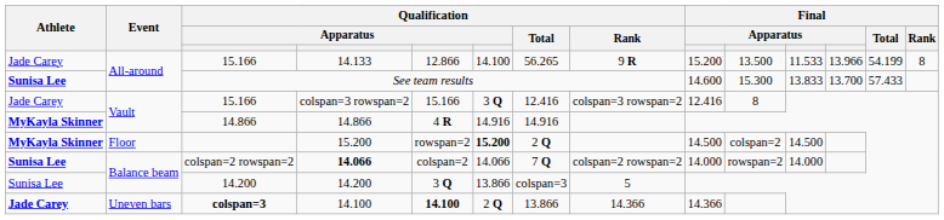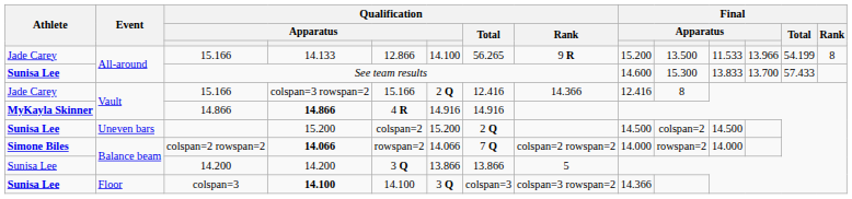 <table class=wikitable style=font-size:90%;text-align:center>
 <tr>
 <th rowspan=3>Athlete</th>
 <th rowspan=3>Event</th>
 <th colspan=6>Qualification</th>
 <th colspan=6>Final</th>
 </tr>
 <tr style=font-size:95%>
 <th colspan=4>Apparatus</th>
 <th rowspan=2>Total</th>
 <th rowspan=2>Rank</th>
 <th colspan=4>Apparatus</th>
 <th rowspan=2>Total</th>
 <th rowspan=2>Rank</th>
 </tr>
 <tr style=font-size:95%>
 <th></th>
 <th></th>
 <th></th>
 <th></th>
 <th></th>
 <th></th>
 <th></th>
 <th></th>
 </tr>
 <tr>
 <td align=left><a href='#'>Jade Carey</a></td>
 <td rowspan=2 align=left><a href='#'>All-around</a></td>
 <td>15.166</td>
 <td>14.133</td>
 <td>12.866</td>
 <td>14.100</td>
 <td>56.265</td>
 <td>9 <strong>R</strong></td>
 <td>15.200</td>
 <td>13.500</td>
 <td>11.533</td>
 <td>13.966</td>
 <td>54.199</td>
 <td>8</td>
 </tr>
 <tr>
 <td align=left><strong><a href='#'>Sunisa Lee</a></strong></td>
 <td colspan=6><em>See team results</em></td>
 <td>14.600</td>
 <td>15.300</td>
 <td>13.833</td>
 <td>13.700</td>
 <td>57.433</td>
 <td></td>
 </tr>
 <tr>
 <td align=left><a href='#'>Jade Carey</a></td>
 <td align=left rowspan=2><a href='#'>Vault</a></td>
 <td>15.166</td>
 <td>colspan=3 rowspan=2 </td>
 <td>15.166</td>
-<td>3 <strong>Q</strong></td>
+<td>2 <strong>Q</strong></td>
 <td>12.416</td>
-<td>colspan=3 rowspan=2 </td>
+<td>14.366</td>
 <td>12.416</td>
 <td>8</td>
 </tr>
 <tr>
 <td align=left><strong><a href='#'>MyKayla Skinner</a></strong></td>
 <td>14.866</td>
-<td>14.866</td>
+<td><strong>14.866</strong></td>
 <td>4 <strong>R</strong></td>
 <td>14.916</td>
 <td>14.916</td>
 <td></td>
 </tr>
 <tr>
-<td align=left><strong><a href='#'>MyKayla Skinner</a></strong></td>
-<td align=left><a href='#'>Floor</a></td>
+<td align=left><strong><a href='#'>Sunisa Lee</a></strong></td>
+<td align=left><a href='#'>Uneven bars</a></td>
 <td></td>
 <td>15.200</td>
-<td>rowspan=2 </td>
-<td><strong>15.200</strong></td>
+<td>colspan=2 </td>
+<td>15.200</td>
 <td>2 <strong>Q</strong></td>
 <td></td>
 <td>14.500</td>
 <td>colspan=2 </td>
 <td>14.500</td>
 <td></td>
 </tr>
 <tr>
-<td align=left><strong><a href='#'>Sunisa Lee</a></strong></td>
+<td align=left><strong><a href='#'>Simone Biles</a></strong></td>
 <td align=left rowspan=2><a href='#'>Balance beam</a></td>
 <td>colspan=2 rowspan=2 </td>
 <td><strong>14.066</strong></td>
-<td>colspan=2 </td>
+<td>rowspan=2 </td>
 <td>14.066</td>
 <td>7 <strong>Q</strong></td>
 <td>colspan=2 rowspan=2 </td>
 <td>14.000</td>
 <td>rowspan=2 </td>
 <td>14.000</td>
 <td></td>
 </tr>
 <tr>
 <td align=left><a href='#'>Sunisa Lee</a></td>
 <td>14.200</td>
 <td>14.200</td>
 <td>3 <strong>Q</strong></td>
 <td>13.866</td>
-<td>colspan=3 </td>
+<td>13.866</td>
 <td>5</td>
 </tr>
 <tr>
-<td align=left><strong><a href='#'>Jade Carey</a></strong></td>
-<td align=left><a href='#'>Uneven bars</a></td>
-<td><strong>colspan=3 </strong></td>
+<td align=left><strong><a href='#'>Sunisa Lee</a></strong></td>
+<td align=left><a href='#'>Floor</a></td>
+<td>colspan=3 </td>
+<td><strong>14.100</strong></td>
 <td>14.100</td>
-<td><strong>14.100</strong></td>
-<td>2 <strong>Q</strong></td>
-<td>13.866</td>
-<td>14.366</td>
+<td>3 <strong>Q</strong></td>
+<td>colspan=3 </td>
+<td>colspan=3 rowspan=2 </td>
 <td>14.366</td>
 <td></td>
 </tr>
 </table>
